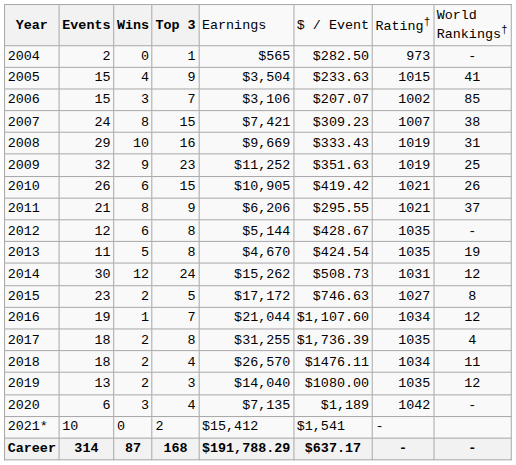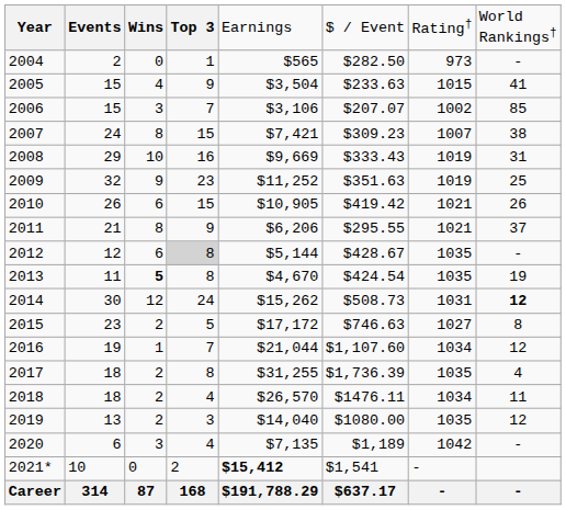 <table class="wikitable sortable">
 <tr>
 <th>Year</th>
 <th>Events</th>
 <th>Wins</th>
 <th>Top 3</th>
 <td>Earnings</td>
 <td>$ / Event</td>
 <td>Rating<sup>†</sup></td>
 <td>World<br>Rankings<sup>†</sup></td>
 </tr>
 <tr>
 <td>2004</td>
 <td align="right">2</td>
 <td align="right">0</td>
 <td align="right">1</td>
 <td align="right">$565</td>
 <td align="right">$282.50</td>
 <td align="right">973</td>
 <td align=center>-</td>
 </tr>
 <tr>
 <td>2005</td>
 <td align="right">15</td>
 <td align="right">4</td>
 <td align="right">9</td>
 <td align="right">$3,504</td>
 <td align="right">$233.63</td>
 <td align="right">1015</td>
 <td align=center>41</td>
 </tr>
 <tr>
 <td>2006</td>
 <td align="right">15</td>
 <td align="right">3</td>
 <td align="right">7</td>
 <td align="right">$3,106</td>
 <td align="right">$207.07</td>
 <td align="right">1002</td>
 <td align=center>85</td>
 </tr>
 <tr>
 <td>2007</td>
 <td align="right">24</td>
 <td align="right">8</td>
 <td align="right">15</td>
 <td align="right">$7,421</td>
 <td align="right">$309.23</td>
 <td align="right">1007</td>
 <td align=center>38</td>
 </tr>
 <tr>
 <td>2008</td>
 <td align="right">29</td>
 <td align="right">10</td>
 <td align="right">16</td>
 <td align="right">$9,669</td>
 <td align="right">$333.43</td>
 <td align="right">1019</td>
 <td align=center>31</td>
 </tr>
 <tr>
 <td>2009</td>
 <td align="right">32</td>
 <td align="right">9</td>
 <td align="right">23</td>
 <td align="right">$11,252</td>
 <td align="right">$351.63</td>
 <td align="right">1019</td>
 <td align=center>25</td>
 </tr>
 <tr>
 <td>2010</td>
 <td align="right">26</td>
 <td align="right">6</td>
 <td align="right">15</td>
 <td align="right">$10,905</td>
 <td align="right">$419.42</td>
 <td align="right">1021</td>
 <td align=center>26</td>
 </tr>
 <tr>
 <td>2011</td>
 <td align="right">21</td>
 <td align="right">8</td>
 <td align="right">9</td>
 <td align="right">$6,206</td>
 <td align="right">$295.55</td>
 <td align="right">1021</td>
 <td align=center>37</td>
 </tr>
 <tr>
 <td>2012</td>
 <td align="right">12</td>
 <td align="right">6</td>
-<td align="right">8</td>
+<td align="right" style="background: lightgrey;">8</td>
 <td align="right">$5,144</td>
 <td align="right">$428.67</td>
 <td align="right">1035</td>
 <td align=center>-</td>
 </tr>
 <tr>
 <td>2013</td>
 <td align="right">11</td>
-<td align="right">5</td>
+<td align="right"><strong>5</strong></td>
 <td align="right">8</td>
 <td align="right">$4,670</td>
 <td align="right">$424.54</td>
 <td align="right">1035</td>
 <td align=center>19</td>
 </tr>
 <tr>
 <td>2014</td>
 <td align="right">30</td>
 <td align="right">12</td>
 <td align="right">24</td>
 <td align="right">$15,262</td>
 <td align="right">$508.73</td>
 <td align="right">1031</td>
-<td align=center>12</td>
+<td align=center><strong>12</strong></td>
 </tr>
 <tr>
 <td>2015</td>
 <td align="right">23</td>
 <td align="right">2</td>
 <td align="right">5</td>
 <td align="right">$17,172</td>
 <td align="right">$746.63</td>
 <td align="right">1027</td>
 <td align=center>8</td>
 </tr>
 <tr>
 <td>2016</td>
 <td align="right">19</td>
 <td align="right">1</td>
 <td align="right">7</td>
 <td align="right">$21,044</td>
 <td align="right">$1,107.60</td>
 <td align="right">1034</td>
 <td align=center>12</td>
 </tr>
 <tr>
 <td>2017</td>
 <td align="right">18</td>
 <td align="right">2</td>
 <td align="right">8</td>
 <td align="right">$31,255</td>
 <td align="right">$1,736.39</td>
 <td align="right">1035</td>
 <td align=center>4</td>
 </tr>
 <tr>
 <td>2018</td>
 <td align="right">18</td>
 <td align="right">2</td>
 <td align="right">4</td>
 <td align="right">$26,570</td>
 <td align="right">$1476.11</td>
 <td align="right">1034</td>
 <td align=center>11</td>
 </tr>
 <tr>
 <td>2019</td>
 <td align="right">13</td>
 <td align="right">2</td>
 <td align="right">3</td>
 <td align="right">$14,040</td>
 <td align="right">$1080.00</td>
 <td align="right">1035</td>
 <td align=center>12</td>
 </tr>
 <tr>
 <td>2020</td>
 <td align="right">6</td>
 <td align="right">3</td>
 <td align="right">4</td>
 <td align="right">$7,135</td>
 <td align="right">$1,189</td>
 <td align="right">1042</td>
 <td align="center">-</td>
 </tr>
 <tr>
 <td>2021*</td>
 <td>10</td>
 <td>0</td>
 <td>2</td>
-<td>$15,412</td>
+<td><strong>$15,412</strong></td>
 <td>$1,541</td>
 <td>-</td>
 <td></td>
 </tr>
 <tr class="sortbottom">
 <th>Career</th>
 <th align="right">314</th>
 <th align="right">87</th>
 <th align="right">168</th>
 <th align="right">$191,788.29</th>
 <th align="right">$637.17</th>
 <th>-</th>
 <th>-</th>
 </tr>
 </table>
